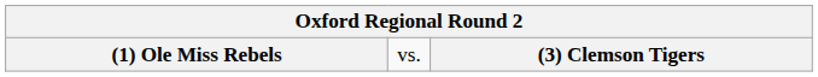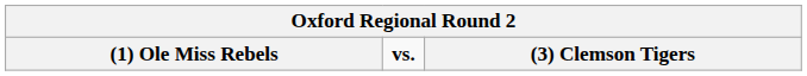 <table class="wikitable">
 <tr>
 <th style="width: 604px;" colspan=3>Oxford Regional Round 2</th>
 </tr>
 <tr>
 <th style="width: 289px; ">(1) Ole Miss Rebels</th>
-<td style="width: 25px; text-align:center">vs.</td>
+<td style="width: 25px; text-align:center"><strong>vs.</strong></td>
 <th style="width: 289px; ">(3) Clemson Tigers</th>
 </tr>
 </table>
